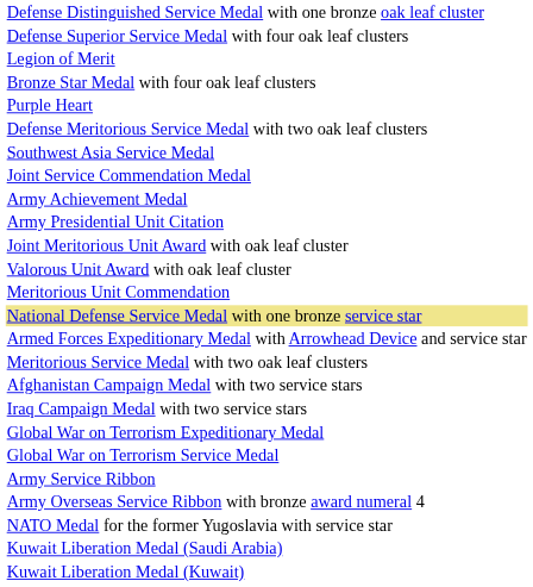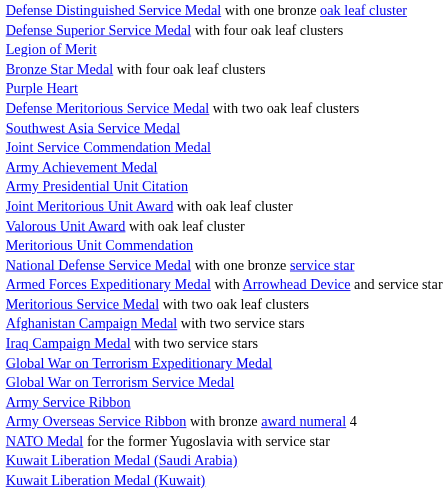 <table>
 <tr>
 <td> <a href='#'>Defense Distinguished Service Medal</a> with one bronze <a href='#'>oak leaf cluster</a></td>
 </tr>
 <tr>
 <td><span></span><span></span><span></span><span></span> <a href='#'>Defense Superior Service Medal</a> with four oak leaf clusters</td>
 </tr>
 <tr>
 <td> <a href='#'>Legion of Merit</a></td>
 </tr>
 <tr>
 <td><span></span><span></span><span></span><span></span> <a href='#'>Bronze Star Medal</a> with four oak leaf clusters</td>
 </tr>
 <tr>
 <td> <a href='#'>Purple Heart</a></td>
 </tr>
 <tr>
 <td><span></span><span></span> <a href='#'>Defense Meritorious Service Medal</a> with two oak leaf clusters</td>
 </tr>
 <tr>
 <td> <a href='#'>Southwest Asia Service Medal</a></td>
 </tr>
 <tr>
 <td> <a href='#'>Joint Service Commendation Medal</a></td>
 </tr>
 <tr>
 <td> <a href='#'>Army Achievement Medal</a></td>
 </tr>
 <tr>
 <td> <a href='#'>Army Presidential Unit Citation</a></td>
 </tr>
 <tr>
 <td> <a href='#'>Joint Meritorious Unit Award</a> with oak leaf cluster</td>
 </tr>
 <tr>
 <td> <a href='#'>Valorous Unit Award</a> with oak leaf cluster</td>
 </tr>
 <tr>
 <td> <a href='#'>Meritorious Unit Commendation</a></td>
 </tr>
 <tr>
-<td style="background: khaki;"> <a href='#'>National Defense Service Medal</a> with one bronze <a href='#'>service star</a></td>
+<td> <a href='#'>National Defense Service Medal</a> with one bronze <a href='#'>service star</a></td>
 </tr>
 <tr>
 <td><span></span><span></span> <a href='#'>Armed Forces Expeditionary Medal</a> with <a href='#'>Arrowhead Device</a> and service star</td>
 </tr>
 <tr>
 <td><span></span><span></span> <a href='#'>Meritorious Service Medal</a> with two oak leaf clusters</td>
 </tr>
 <tr>
 <td><span></span><span></span> <a href='#'>Afghanistan Campaign Medal</a> with two service stars</td>
 </tr>
 <tr>
 <td><span></span><span></span> <a href='#'>Iraq Campaign Medal</a> with two service stars</td>
 </tr>
 <tr>
 <td> <a href='#'>Global War on Terrorism Expeditionary Medal</a></td>
 </tr>
 <tr>
 <td> <a href='#'>Global War on Terrorism Service Medal</a></td>
 </tr>
 <tr>
 <td> <a href='#'>Army Service Ribbon</a></td>
 </tr>
 <tr>
 <td><span></span> <a href='#'>Army Overseas Service Ribbon</a> with bronze <a href='#'>award numeral</a> 4</td>
 </tr>
 <tr>
 <td> <a href='#'>NATO Medal</a> for the former Yugoslavia with service star</td>
 </tr>
 <tr>
 <td> <a href='#'>Kuwait Liberation Medal (Saudi Arabia)</a></td>
 </tr>
 <tr>
 <td> <a href='#'>Kuwait Liberation Medal (Kuwait)</a></td>
 </tr>
 </table>
